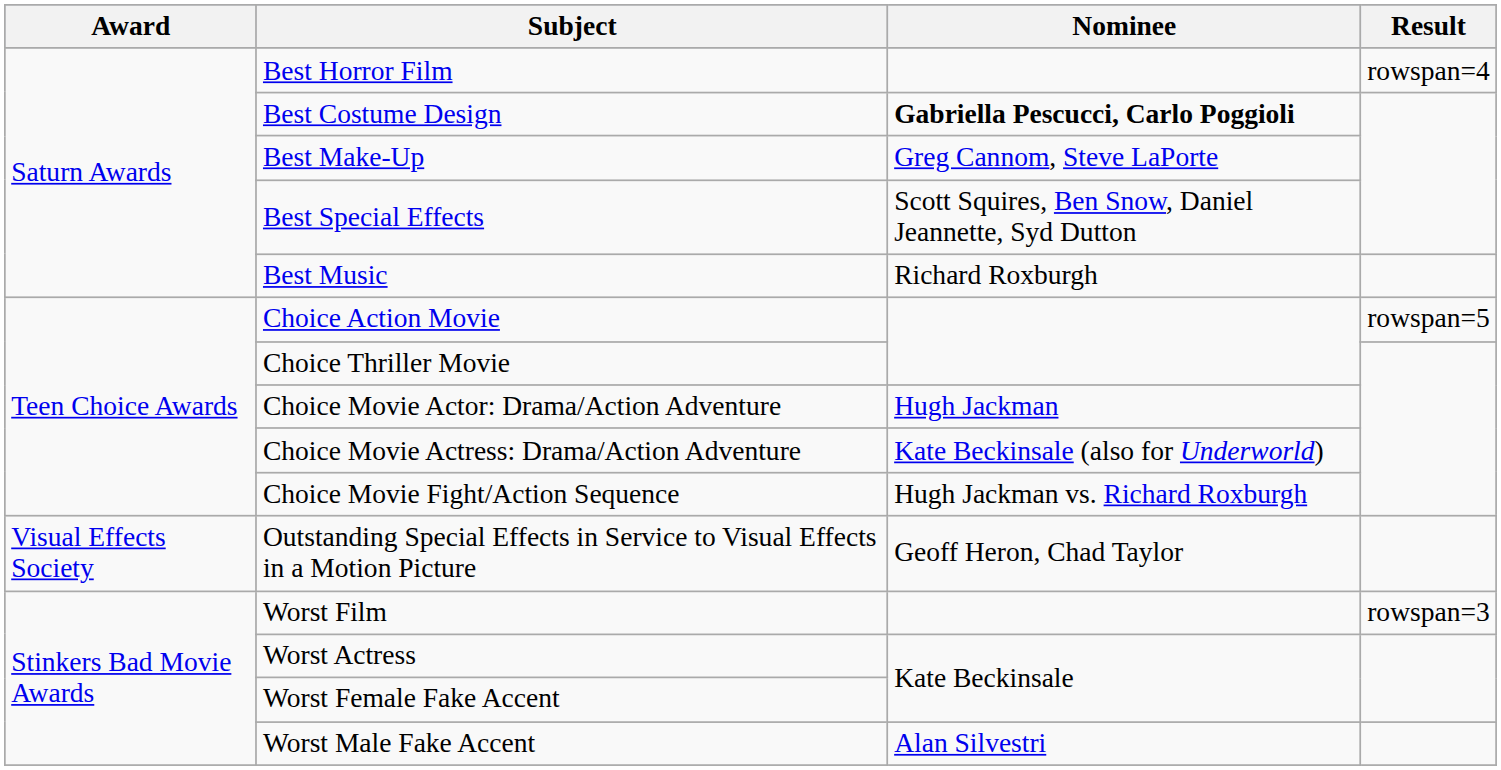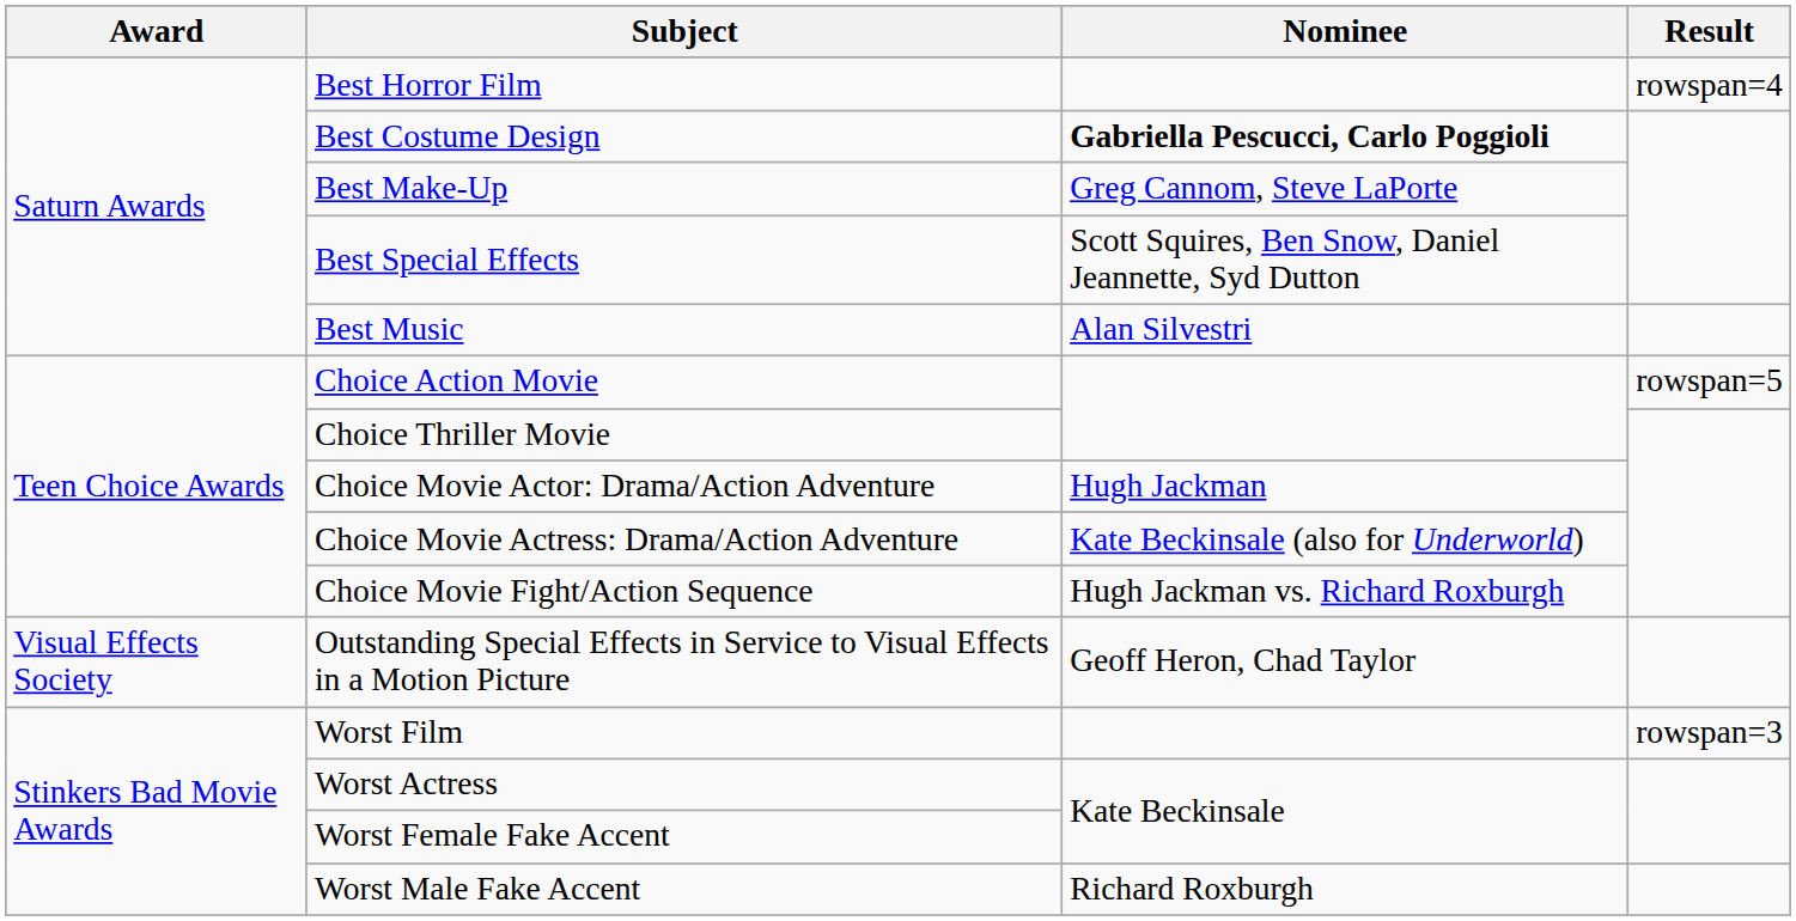 <table class="wikitable">
 <tr style="background:#b0c4de; text-align:center;">
 <th>Award</th>
 <th>Subject</th>
 <th>Nominee</th>
 <th>Result</th>
 </tr>
 <tr>
 <td rowspan=5><a href='#'>Saturn Awards</a></td>
 <td><a href='#'>Best Horror Film</a></td>
 <td></td>
 <td>rowspan=4 </td>
 </tr>
 <tr>
 <td><a href='#'>Best Costume Design</a></td>
 <td><strong>Gabriella Pescucci, Carlo Poggioli</strong></td>
 </tr>
 <tr>
 <td><a href='#'>Best Make-Up</a></td>
 <td><a href='#'>Greg Cannom</a>, <a href='#'>Steve LaPorte</a></td>
 </tr>
 <tr>
 <td><a href='#'>Best Special Effects</a></td>
 <td>Scott Squires, <a href='#'>Ben Snow</a>, Daniel Jeannette, Syd Dutton</td>
 </tr>
 <tr>
 <td><a href='#'>Best Music</a></td>
-<td>Richard Roxburgh</td>
+<td><a href='#'>Alan Silvestri</a></td>
 <td></td>
 </tr>
 <tr>
 <td rowspan=5><a href='#'>Teen Choice Awards</a></td>
 <td><a href='#'>Choice Action Movie</a></td>
 <td rowspan=2></td>
 <td>rowspan=5 </td>
 </tr>
 <tr>
 <td>Choice Thriller Movie</td>
 </tr>
 <tr>
 <td>Choice Movie Actor: Drama/Action Adventure</td>
 <td><a href='#'>Hugh Jackman</a></td>
 </tr>
 <tr>
 <td>Choice Movie Actress: Drama/Action Adventure</td>
 <td><a href='#'>Kate Beckinsale</a> (also for <em><a href='#'>Underworld</a></em>)</td>
 </tr>
 <tr>
 <td>Choice Movie Fight/Action Sequence</td>
 <td>Hugh Jackman vs. <a href='#'>Richard Roxburgh</a></td>
 </tr>
 <tr>
 <td rowspan=1><a href='#'>Visual Effects Society</a></td>
 <td>Outstanding Special Effects in Service to Visual Effects in a Motion Picture</td>
 <td>Geoff Heron, Chad Taylor</td>
 <td></td>
 </tr>
 <tr>
 <td rowspan=4><a href='#'>Stinkers Bad Movie Awards</a></td>
 <td>Worst Film</td>
 <td></td>
 <td>rowspan=3 </td>
 </tr>
 <tr>
 <td>Worst Actress</td>
 <td rowspan=2>Kate Beckinsale</td>
 </tr>
 <tr>
 <td>Worst Female Fake Accent</td>
 </tr>
 <tr>
 <td>Worst Male Fake Accent</td>
-<td><a href='#'>Alan Silvestri</a></td>
+<td>Richard Roxburgh</td>
 <td></td>
 </tr>
 </table>
